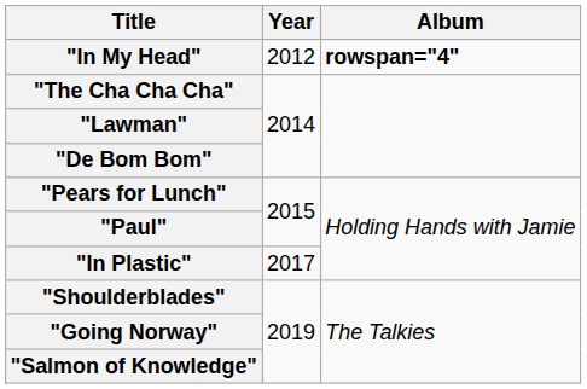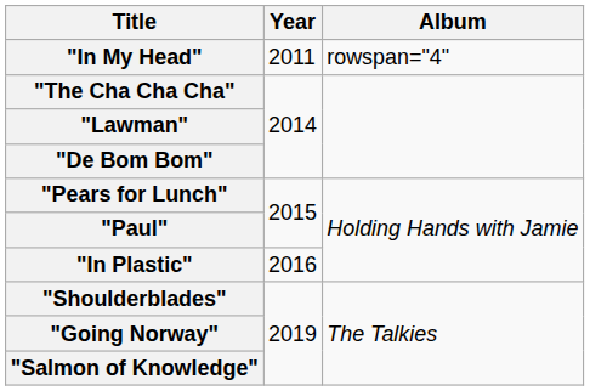 <table class="wikitable plainrowheaders">
 <tr>
 <th scope="col">Title</th>
 <th scope="col">Year</th>
 <th scope="col">Album</th>
 </tr>
 <tr>
 <th scope="row">"In My Head"</th>
-<td>2012</td>
-<td><strong>rowspan="4" </strong></td>
+<td>2011</td>
+<td>rowspan="4" </td>
 </tr>
 <tr>
 <th scope="row">"The Cha Cha Cha"</th>
 <td rowspan="3">2014</td>
 </tr>
 <tr>
 <th scope="row">"Lawman"</th>
 </tr>
 <tr>
 <th scope="row">"De Bom Bom"</th>
 </tr>
 <tr>
 <th scope="row">"Pears for Lunch"</th>
 <td rowspan="2">2015</td>
 <td rowspan="3"><em>Holding Hands with Jamie</em></td>
 </tr>
 <tr>
 <th scope="row">"Paul"</th>
 </tr>
 <tr>
 <th scope="row">"In Plastic"</th>
-<td>2017</td>
+<td>2016</td>
 </tr>
 <tr>
 <th scope="row">"Shoulderblades"</th>
 <td rowspan="3">2019</td>
 <td rowspan="3"><em>The Talkies</em></td>
 </tr>
 <tr>
 <th scope="row">"Going Norway"</th>
 </tr>
 <tr>
 <th scope="row">"Salmon of Knowledge"</th>
 </tr>
 </table>
